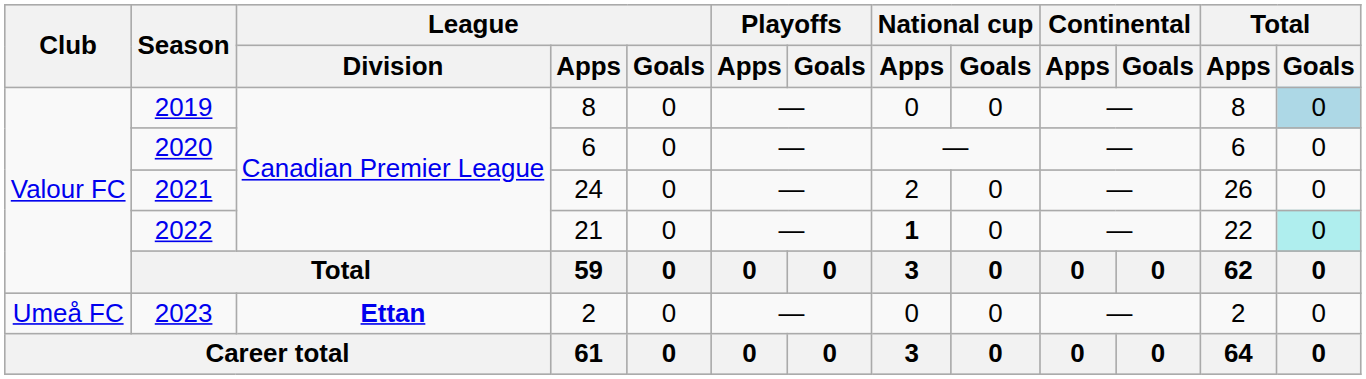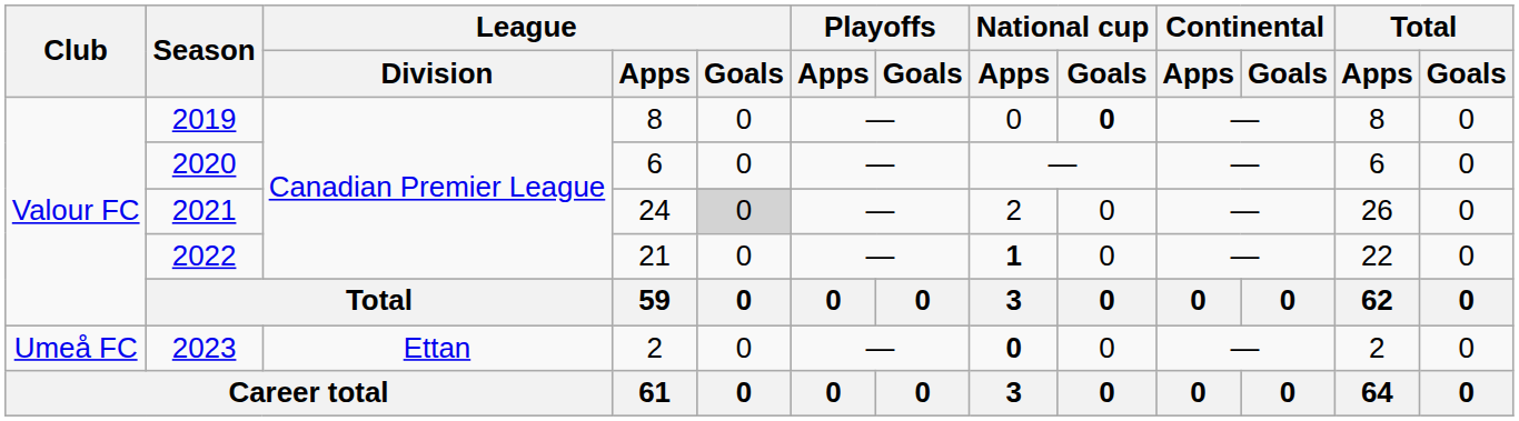 <table class="wikitable" style="text-align: center;">
 <tr>
 <th rowspan="2">Club</th>
 <th rowspan="2">Season</th>
 <th colspan="3">League</th>
 <th colspan="2">Playoffs</th>
 <th colspan="2">National cup</th>
 <th colspan="2">Continental</th>
 <th colspan="2">Total</th>
 </tr>
 <tr>
 <th>Division</th>
 <th>Apps</th>
 <th>Goals</th>
 <th>Apps</th>
 <th>Goals</th>
 <th>Apps</th>
 <th>Goals</th>
 <th>Apps</th>
 <th>Goals</th>
 <th>Apps</th>
 <th>Goals</th>
 </tr>
 <tr>
 <td rowspan="5"><a href='#'>Valour FC</a></td>
 <td><a href='#'>2019</a></td>
 <td rowspan=4><a href='#'>Canadian Premier League</a></td>
 <td>8</td>
 <td>0</td>
 <td colspan="2">—</td>
 <td>0</td>
-<td>0</td>
+<td><strong>0</strong></td>
 <td colspan="2">—</td>
 <td>8</td>
-<td style="background: lightblue;">0</td>
+<td>0</td>
 </tr>
 <tr>
 <td><a href='#'>2020</a></td>
 <td>6</td>
 <td>0</td>
 <td colspan="2">—</td>
 <td colspan="2">—</td>
 <td colspan="2">—</td>
 <td>6</td>
 <td>0</td>
 </tr>
 <tr>
 <td><a href='#'>2021</a></td>
 <td>24</td>
-<td>0</td>
+<td style="background: lightgrey;">0</td>
 <td colspan="2">—</td>
 <td>2</td>
 <td>0</td>
 <td colspan="2">—</td>
 <td>26</td>
 <td>0</td>
 </tr>
 <tr>
 <td><a href='#'>2022</a></td>
 <td>21</td>
 <td>0</td>
 <td colspan="2">—</td>
 <td><strong>1</strong></td>
 <td>0</td>
 <td colspan="2">—</td>
 <td>22</td>
-<td style="background: paleturquoise;">0</td>
+<td>0</td>
 </tr>
 <tr>
 <th colspan="2">Total</th>
 <th>59</th>
 <th>0</th>
 <th>0</th>
 <th>0</th>
 <th>3</th>
 <th>0</th>
 <th>0</th>
 <th>0</th>
 <th>62</th>
 <th>0</th>
 </tr>
 <tr>
 <td><a href='#'>Umeå FC</a></td>
 <td><a href='#'>2023</a></td>
-<td><strong><a href='#'>Ettan</a></strong></td>
+<td><a href='#'>Ettan</a></td>
 <td>2</td>
 <td>0</td>
 <td colspan="2">—</td>
-<td>0</td>
+<td><strong>0</strong></td>
 <td>0</td>
 <td colspan="2">—</td>
 <td>2</td>
 <td>0</td>
 </tr>
 <tr>
 <th colspan="3">Career total</th>
 <th>61</th>
 <th>0</th>
 <th>0</th>
 <th>0</th>
 <th>3</th>
 <th>0</th>
 <th>0</th>
 <th>0</th>
 <th>64</th>
 <th>0</th>
 </tr>
 </table>
